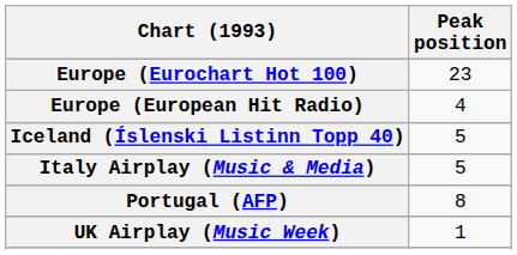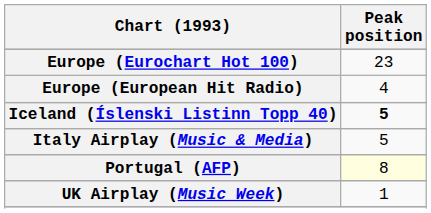 <table class="wikitable sortable plainrowheaders" style="text-align:center">
 <tr>
 <th>Chart (1993)</th>
 <th>Peak<br>position</th>
 </tr>
 <tr>
 </tr>
 <tr>
 </tr>
 <tr>
 </tr>
 <tr>
 </tr>
 <tr>
 <th scope="row">Europe (<a href='#'>Eurochart Hot 100</a>)</th>
 <td>23</td>
 </tr>
 <tr>
 <th scope="row">Europe (European Hit Radio)</th>
 <td>4</td>
 </tr>
 <tr>
 </tr>
 <tr>
 <th scope="row">Iceland (<a href='#'>Íslenski Listinn Topp 40</a>)</th>
-<td>5</td>
+<td><strong>5</strong></td>
 </tr>
 <tr>
 </tr>
 <tr>
 <th scope="row">Italy Airplay (<em><a href='#'>Music & Media</a></em>)</th>
 <td>5</td>
 </tr>
 <tr>
 </tr>
 <tr>
 </tr>
 <tr>
 </tr>
 <tr>
 <th scope="row">Portugal (<a href='#'>AFP</a>)</th>
-<td>8</td>
+<td style="background: lightyellow;">8</td>
 </tr>
 <tr>
 </tr>
 <tr>
 </tr>
 <tr>
 <th scope="row">UK Airplay (<em><a href='#'>Music Week</a></em>)</th>
 <td>1</td>
 </tr>
 <tr>
 </tr>
 <tr>
 </tr>
 <tr>
 </tr>
 <tr>
 </tr>
 </table>
